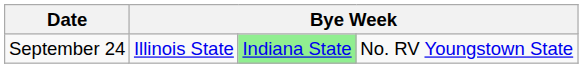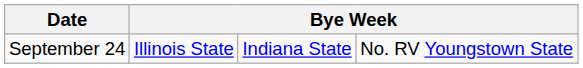 <table class="wikitable" style="font-size:95%;">
 <tr>
 <th>Date</th>
 <th colspan="3">Bye Week</th>
 </tr>
 <tr>
 <td>September 24</td>
 <td><a href='#'>Illinois State</a></td>
-<td style="background: lightgreen;"><a href='#'>Indiana State</a></td>
+<td><a href='#'>Indiana State</a></td>
 <td>No. RV <a href='#'>Youngstown State</a></td>
 </tr>
 </table>
